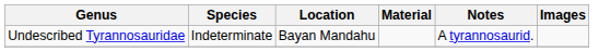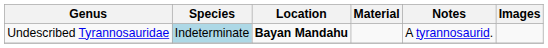 <table class="wikitable sortable">
 <tr>
 <th>Genus</th>
 <th>Species</th>
 <th>Location</th>
 <th>Material</th>
 <th>Notes</th>
 <th>Images</th>
 </tr>
 <tr>
 <td>Undescribed <a href='#'>Tyrannosauridae</a></td>
-<td>Indeterminate</td>
-<td>Bayan Mandahu</td>
+<td style="background: lightblue;">Indeterminate</td>
+<td><strong>Bayan Mandahu</strong></td>
 <td></td>
 <td>A <a href='#'>tyrannosaurid</a>.</td>
 <td></td>
 </tr>
 <tr>
 </tr>
 </table>
